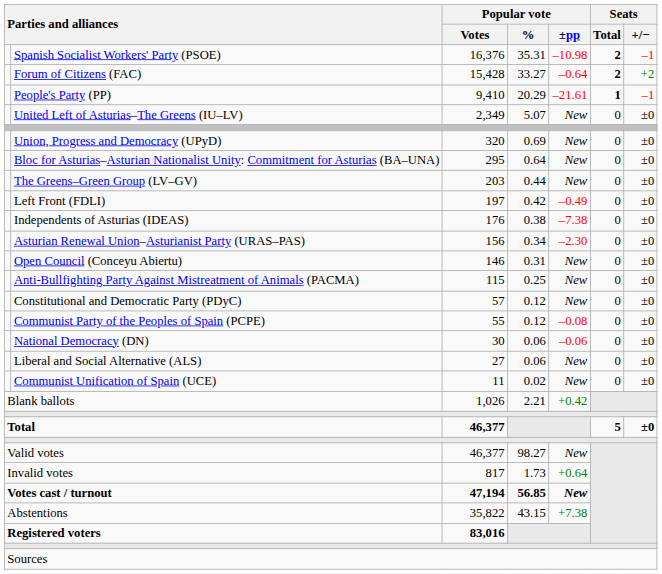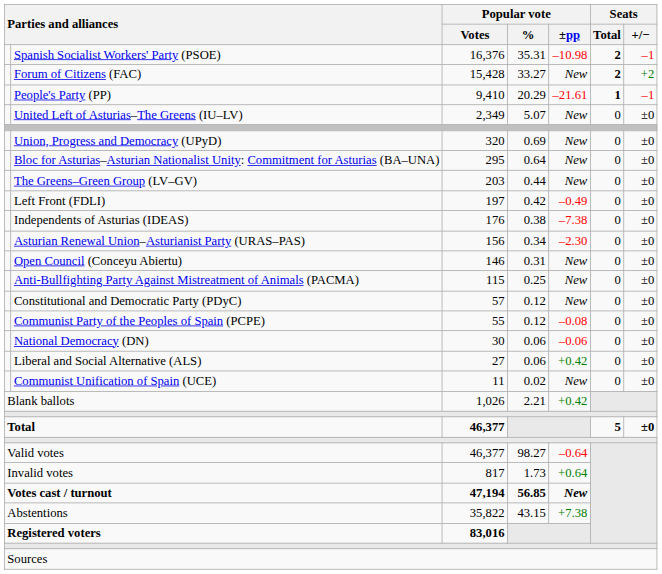 <table class="wikitable" style="text-align:right;">
 <tr>
 <th style="text-align:left;" rowspan="2" colspan="2" width="525">Parties and alliances</th>
 <th colspan="3">Popular vote</th>
 <th colspan="2">Seats</th>
 </tr>
 <tr>
 <th width="75">Votes</th>
 <th width="45">%</th>
 <th width="45">±<a href='#'>pp</a></th>
 <th width="35">Total</th>
 <th width="35">+/−</th>
 </tr>
 <tr>
 <td width="1" style="color:inherit;background:"></td>
 <td align="left"><a href='#'>Spanish Socialist Workers' Party</a> (PSOE)</td>
 <td>16,376</td>
 <td>35.31</td>
 <td style="color:red;">–10.98</td>
 <td><strong>2</strong></td>
 <td style="color:red;">–1</td>
 </tr>
 <tr>
 <td style="color:inherit;background:"></td>
 <td align="left"><a href='#'>Forum of Citizens</a> (FAC)</td>
 <td>15,428</td>
 <td>33.27</td>
-<td style="color:red;">–0.64</td>
+<td><em>New</em></td>
 <td><strong>2</strong></td>
 <td style="color:green;">+2</td>
 </tr>
 <tr>
 <td style="color:inherit;background:"></td>
 <td align="left"><a href='#'>People's Party</a> (PP)</td>
 <td>9,410</td>
 <td>20.29</td>
 <td style="color:red;">–21.61</td>
 <td><strong>1</strong></td>
 <td style="color:red;">–1</td>
 </tr>
 <tr>
 <td style="color:inherit;background:"></td>
 <td align="left"><a href='#'>United Left of Asturias</a>–<a href='#'>The Greens</a> (IU–LV)</td>
 <td>2,349</td>
 <td>5.07</td>
 <td><em>New</em></td>
 <td>0</td>
 <td>±0</td>
 </tr>
 <tr>
 <td colspan="7" bgcolor="#C0C0C0"></td>
 </tr>
 <tr>
 <td style="color:inherit;background:"></td>
 <td align="left"><a href='#'>Union, Progress and Democracy</a> (UPyD)</td>
 <td>320</td>
 <td>0.69</td>
 <td><em>New</em></td>
 <td>0</td>
 <td>±0</td>
 </tr>
 <tr>
 <td style="color:inherit;background:"></td>
 <td align="left"><a href='#'>Bloc for Asturias</a>–<a href='#'>Asturian Nationalist Unity</a>: <a href='#'>Commitment for Asturias</a> (BA–UNA)</td>
 <td>295</td>
 <td>0.64</td>
 <td><em>New</em></td>
 <td>0</td>
 <td>±0</td>
 </tr>
 <tr>
 <td style="color:inherit;background:"></td>
 <td align="left"><a href='#'>The Greens–Green Group</a> (LV–GV)</td>
 <td>203</td>
 <td>0.44</td>
 <td><em>New</em></td>
 <td>0</td>
 <td>±0</td>
 </tr>
 <tr>
 <td style="color:inherit;background:"></td>
 <td align="left">Left Front (FDLI)</td>
 <td>197</td>
 <td>0.42</td>
 <td style="color:red;">–0.49</td>
 <td>0</td>
 <td>±0</td>
 </tr>
 <tr>
 <td style="color:inherit;background:"></td>
 <td align="left">Independents of Asturias (IDEAS)</td>
 <td>176</td>
 <td>0.38</td>
 <td style="color:red;">–7.38</td>
 <td>0</td>
 <td>±0</td>
 </tr>
 <tr>
 <td style="color:inherit;background:"></td>
 <td align="left"><a href='#'>Asturian Renewal Union</a>–<a href='#'>Asturianist Party</a> (URAS–PAS)</td>
 <td>156</td>
 <td>0.34</td>
 <td style="color:red;">–2.30</td>
 <td>0</td>
 <td>±0</td>
 </tr>
 <tr>
 <td style="color:inherit;background:"></td>
 <td align="left"><a href='#'>Open Council</a> (Conceyu Abiertu)</td>
 <td>146</td>
 <td>0.31</td>
 <td><em>New</em></td>
 <td>0</td>
 <td>±0</td>
 </tr>
 <tr>
 <td style="color:inherit;background:"></td>
 <td align="left"><a href='#'>Anti-Bullfighting Party Against Mistreatment of Animals</a> (PACMA)</td>
 <td>115</td>
 <td>0.25</td>
 <td><em>New</em></td>
 <td>0</td>
 <td>±0</td>
 </tr>
 <tr>
 <td style="color:inherit;background:"></td>
 <td align="left">Constitutional and Democratic Party (PDyC)</td>
 <td>57</td>
 <td>0.12</td>
 <td><em>New</em></td>
 <td>0</td>
 <td>±0</td>
 </tr>
 <tr>
 <td style="color:inherit;background:"></td>
 <td align="left"><a href='#'>Communist Party of the Peoples of Spain</a> (PCPE)</td>
 <td>55</td>
 <td>0.12</td>
 <td style="color:red;">–0.08</td>
 <td>0</td>
 <td>±0</td>
 </tr>
 <tr>
 <td style="color:inherit;background:"></td>
 <td align="left"><a href='#'>National Democracy</a> (DN)</td>
 <td>30</td>
 <td>0.06</td>
 <td style="color:red;">–0.06</td>
 <td>0</td>
 <td>±0</td>
 </tr>
 <tr>
 <td style="color:inherit;background:"></td>
 <td align="left">Liberal and Social Alternative (ALS)</td>
 <td>27</td>
 <td>0.06</td>
-<td><em>New</em></td>
+<td style="color:green;">+0.42</td>
 <td>0</td>
 <td>±0</td>
 </tr>
 <tr>
 <td style="color:inherit;background:"></td>
 <td align="left"><a href='#'>Communist Unification of Spain</a> (UCE)</td>
 <td>11</td>
 <td>0.02</td>
 <td><em>New</em></td>
 <td>0</td>
 <td>±0</td>
 </tr>
 <tr>
 <td align="left" colspan="2">Blank ballots</td>
 <td>1,026</td>
 <td>2.21</td>
 <td style="color:green;">+0.42</td>
 <td bgcolor="#E9E9E9" colspan="2"></td>
 </tr>
 <tr>
 <td colspan="7" bgcolor="#E9E9E9"></td>
 </tr>
 <tr style="font-weight:bold;">
 <td align="left" colspan="2">Total</td>
 <td>46,377</td>
 <td bgcolor="#E9E9E9" colspan="2"></td>
 <td>5</td>
 <td>±0</td>
 </tr>
 <tr>
 <td colspan="7" bgcolor="#E9E9E9"></td>
 </tr>
 <tr>
 <td align="left" colspan="2">Valid votes</td>
 <td>46,377</td>
 <td>98.27</td>
-<td><em>New</em></td>
+<td style="color:red;">–0.64</td>
 <td bgcolor="#E9E9E9" colspan="2" rowspan="5"></td>
 </tr>
 <tr>
 <td align="left" colspan="2">Invalid votes</td>
 <td>817</td>
 <td>1.73</td>
 <td style="color:green;">+0.64</td>
 </tr>
 <tr style="font-weight:bold;">
 <td align="left" colspan="2">Votes cast / turnout</td>
 <td>47,194</td>
 <td>56.85</td>
 <td><em>New</em></td>
 </tr>
 <tr>
 <td align="left" colspan="2">Abstentions</td>
 <td>35,822</td>
 <td>43.15</td>
 <td style="color:green;">+7.38</td>
 </tr>
 <tr style="font-weight:bold;">
 <td align="left" colspan="2">Registered voters</td>
 <td>83,016</td>
 <td bgcolor="#E9E9E9" colspan="2"></td>
 </tr>
 <tr>
 <td colspan="7" bgcolor="#E9E9E9"></td>
 </tr>
 <tr>
 <td align="left" colspan="7">Sources</td>
 </tr>
 </table>
